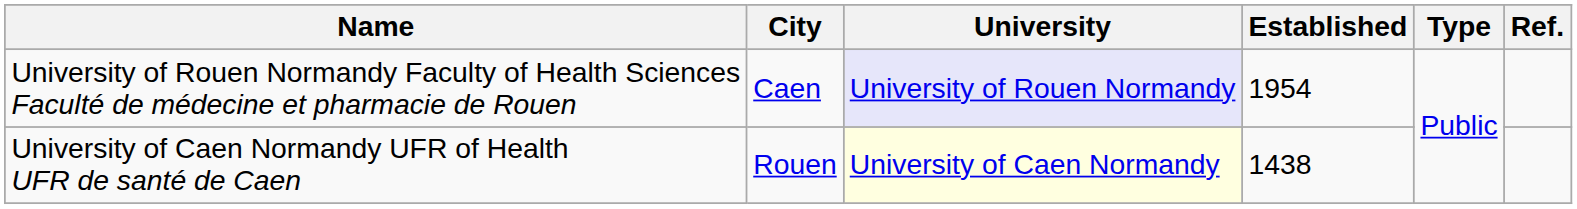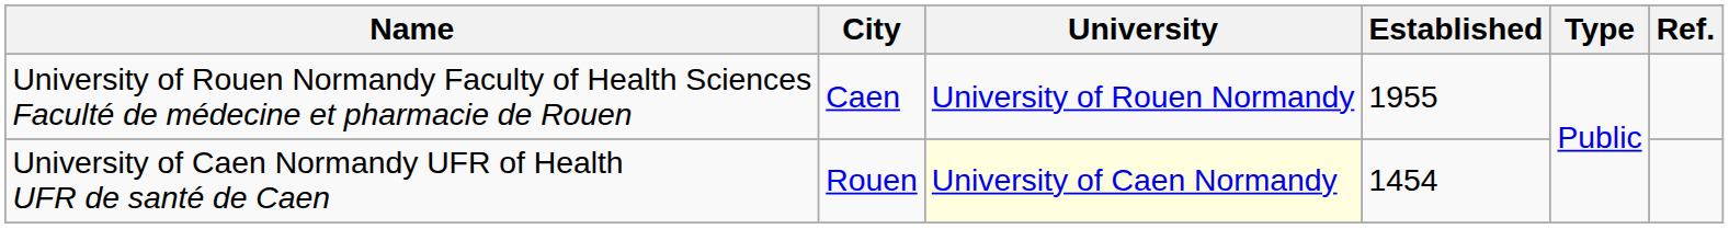 <table class="wikitable">
 <tr>
 <th>Name</th>
 <th>City</th>
 <th>University</th>
 <th>Established</th>
 <th>Type</th>
 <th>Ref.</th>
 </tr>
 <tr>
 <td>University of Rouen Normandy Faculty of Health Sciences<br><em>Faculté de médecine et pharmacie de Rouen</em></td>
 <td><a href='#'>Caen</a></td>
-<td style="background: lavender;"><a href='#'>University of Rouen Normandy</a></td>
-<td>1954</td>
+<td><a href='#'>University of Rouen Normandy</a></td>
+<td>1955</td>
 <td rowspan="2"><a href='#'>Public</a></td>
 <td></td>
 </tr>
 <tr>
 <td>University of Caen Normandy UFR of Health<br><em>UFR de santé de Caen</em></td>
 <td><a href='#'>Rouen</a></td>
 <td style="background: lightyellow;"><a href='#'>University of Caen Normandy</a></td>
-<td>1438</td>
+<td>1454</td>
 <td></td>
 </tr>
 </table>
